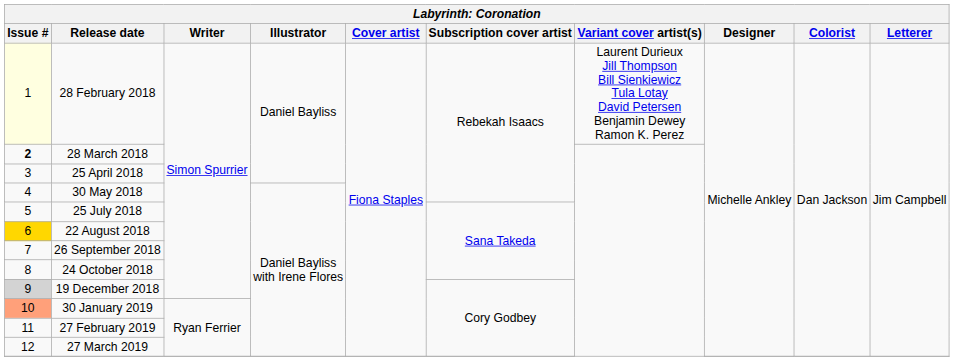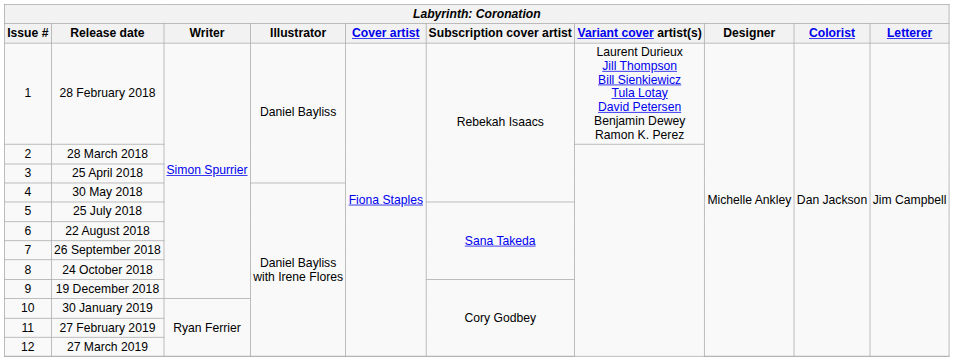 <table class="wikitable" style="text-align: center;">
 <tr>
 <th colspan="10"><em>Labyrinth: Coronation</em></th>
 </tr>
 <tr>
 <th>Issue #</th>
 <th>Release date</th>
 <th>Writer</th>
 <th>Illustrator</th>
 <th><a href='#'>Cover artist</a></th>
 <th>Subscription cover artist</th>
 <th><a href='#'>Variant cover</a> artist(s)</th>
 <th>Designer</th>
 <th><a href='#'>Colorist</a></th>
 <th><a href='#'>Letterer</a></th>
 </tr>
 <tr>
-<td style="background: lightyellow;">1</td>
+<td>1</td>
 <td>28 February 2018</td>
 <td rowspan="9"><a href='#'>Simon Spurrier</a></td>
 <td rowspan="3">Daniel Bayliss</td>
 <td rowspan="12"><a href='#'>Fiona Staples</a></td>
 <td rowspan="4">Rebekah Isaacs</td>
 <td>Laurent Durieux<br><a href='#'>Jill Thompson</a><br><a href='#'>Bill Sienkiewicz</a><br><a href='#'>Tula Lotay</a><br><a href='#'>David Petersen</a><br>Benjamin Dewey<br>Ramon K. Perez</td>
 <td rowspan="12">Michelle Ankley</td>
 <td rowspan="12">Dan Jackson</td>
 <td rowspan="12">Jim Campbell</td>
 </tr>
 <tr>
-<td><strong>2</strong></td>
+<td>2</td>
 <td>28 March 2018</td>
 </tr>
 <tr>
 <td>3</td>
 <td>25 April 2018</td>
 </tr>
 <tr>
 <td>4</td>
 <td>30 May 2018</td>
 <td rowspan="9">Daniel Bayliss<br>with Irene Flores</td>
 </tr>
 <tr>
 <td>5</td>
 <td>25 July 2018</td>
 <td rowspan="4"><a href='#'>Sana Takeda</a></td>
 </tr>
 <tr>
-<td style="background: gold;">6</td>
+<td>6</td>
 <td>22 August 2018</td>
 </tr>
 <tr>
 <td>7</td>
 <td>26 September 2018</td>
 </tr>
 <tr>
 <td>8</td>
 <td>24 October 2018</td>
 </tr>
 <tr>
-<td style="background: lightgrey;">9</td>
+<td>9</td>
 <td>19 December 2018</td>
 <td rowspan="4">Cory Godbey</td>
 </tr>
 <tr>
-<td style="background: lightsalmon;">10</td>
+<td>10</td>
 <td>30 January 2019</td>
 <td rowspan="3">Ryan Ferrier</td>
 </tr>
 <tr>
 <td>11</td>
 <td>27 February 2019</td>
 </tr>
 <tr>
 <td>12</td>
 <td>27 March 2019</td>
 </tr>
 <tr>
 </tr>
 </table>
